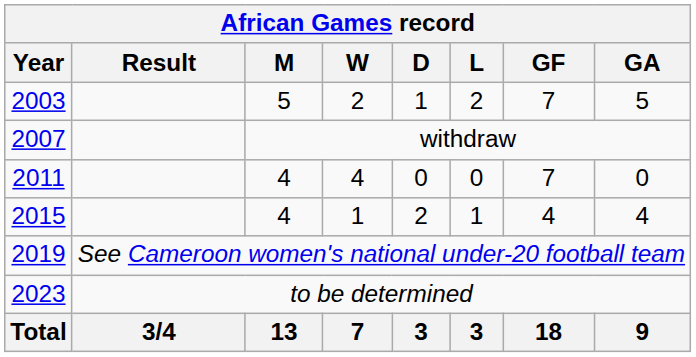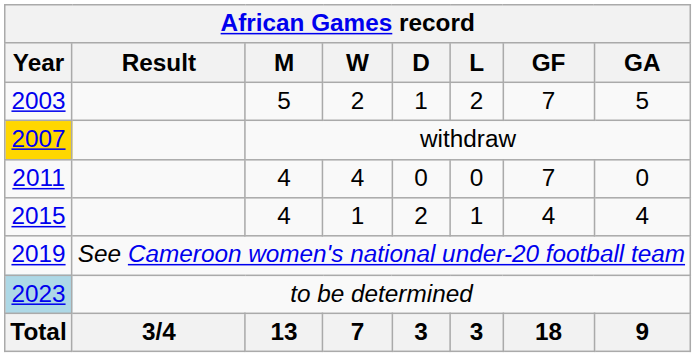 <table class="wikitable" style="text-align: center;">
 <tr>
 <th colspan=8><a href='#'>African Games</a> record</th>
 </tr>
 <tr>
 <th>Year</th>
 <th>Result</th>
 <th>M</th>
 <th>W</th>
 <th>D</th>
 <th>L</th>
 <th>GF</th>
 <th>GA</th>
 </tr>
 <tr>
 <td> <a href='#'>2003</a></td>
 <td></td>
 <td>5</td>
 <td>2</td>
 <td>1</td>
 <td>2</td>
 <td>7</td>
 <td>5</td>
 </tr>
 <tr>
-<td> <a href='#'>2007</a></td>
+<td style="background: gold;"> <a href='#'>2007</a></td>
 <td></td>
 <td colspan=8>withdraw</td>
 </tr>
 <tr>
 <td> <a href='#'>2011</a></td>
 <td></td>
 <td>4</td>
 <td>4</td>
 <td>0</td>
 <td>0</td>
 <td>7</td>
 <td>0</td>
 </tr>
 <tr>
 <td> <a href='#'>2015</a></td>
 <td></td>
 <td>4</td>
 <td>1</td>
 <td>2</td>
 <td>1</td>
 <td>4</td>
 <td>4</td>
 </tr>
 <tr>
 <td> <a href='#'>2019</a></td>
 <td colspan=7><em>See <a href='#'>Cameroon women's national under-20 football team</a></em></td>
 </tr>
 <tr>
-<td> <a href='#'>2023</a></td>
+<td style="background: lightblue;"> <a href='#'>2023</a></td>
 <td colspan=7><em>to be determined</em></td>
 </tr>
 <tr>
 <th>Total</th>
 <th>3/4</th>
 <th>13</th>
 <th>7</th>
 <th>3</th>
 <th>3</th>
 <th>18</th>
 <th>9</th>
 </tr>
 </table>
